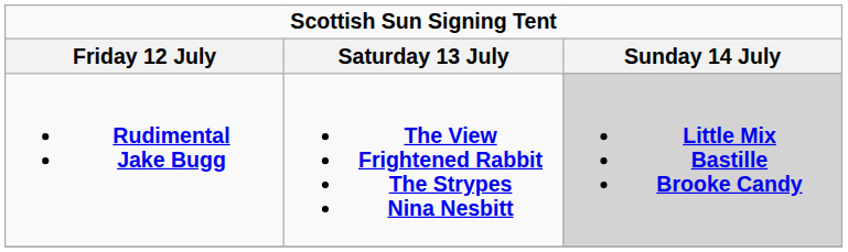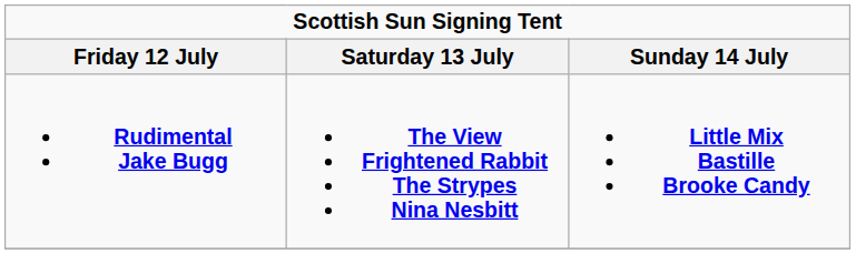 <table class="wikitable">
 <tr>
 <td colspan="3" style="text-align:center;"><strong>Scottish Sun Signing Tent</strong></td>
 </tr>
 <tr>
 <th>Friday 12 July</th>
 <th>Saturday 13 July</th>
 <th>Sunday 14 July</th>
 </tr>
 <tr>
 <td style="text-align:center; vertical-align:top; width:200px;"><br><ul><li><strong><a href='#'>Rudimental</a></strong></li><li><strong><a href='#'>Jake Bugg</a></strong></li></ul></td>
 <td style="text-align:center; vertical-align:top; width:200px;"><br><ul><li><strong><a href='#'>The View</a></strong></li><li><strong><a href='#'>Frightened Rabbit</a></strong></li><li><strong><a href='#'>The Strypes</a></strong></li><li><strong><a href='#'>Nina Nesbitt</a></strong></li></ul></td>
-<td style="background: lightgrey; text-align:center; vertical-align:top; width:200px;"><br><ul><li><strong><a href='#'>Little Mix</a></strong></li><li><strong><a href='#'>Bastille</a></strong></li><li><strong><a href='#'>Brooke Candy</a></strong></li></ul></td>
+<td style="text-align:center; vertical-align:top; width:200px;"><br><ul><li><strong><a href='#'>Little Mix</a></strong></li><li><strong><a href='#'>Bastille</a></strong></li><li><strong><a href='#'>Brooke Candy</a></strong></li></ul></td>
 </tr>
 <tr>
 </tr>
 </table>
